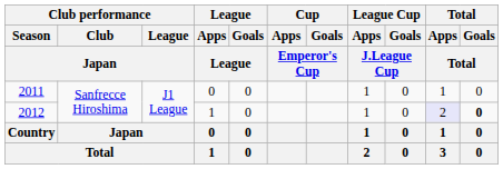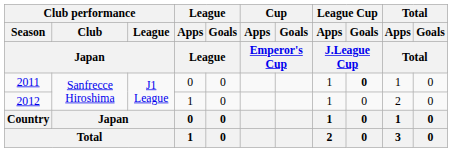 <table class="wikitable" style="text-align:center;">
 <tr>
 <th colspan=3>Club performance</th>
 <th colspan=2>League</th>
 <th colspan=2>Cup</th>
 <th colspan=2>League Cup</th>
 <th colspan=2>Total</th>
 </tr>
 <tr>
 <th>Season</th>
 <th>Club</th>
 <th>League</th>
 <th>Apps</th>
 <th>Goals</th>
 <th>Apps</th>
 <th>Goals</th>
 <th>Apps</th>
 <th>Goals</th>
 <th>Apps</th>
 <th>Goals</th>
 </tr>
 <tr>
 <th colspan=3>Japan</th>
 <th colspan=2>League</th>
 <th colspan=2><a href='#'>Emperor's Cup</a></th>
 <th colspan=2><a href='#'>J.League Cup</a></th>
 <th colspan=2>Total</th>
 </tr>
 <tr>
 <td><a href='#'>2011</a></td>
 <td rowspan="2"><a href='#'>Sanfrecce Hiroshima</a></td>
 <td rowspan="2"><a href='#'>J1 League</a></td>
 <td>0</td>
 <td>0</td>
 <td></td>
 <td></td>
 <td>1</td>
-<td>0</td>
+<td><strong>0</strong></td>
 <td>1</td>
 <td>0</td>
 </tr>
 <tr>
 <td><a href='#'>2012</a></td>
 <td>1</td>
 <td>0</td>
 <td></td>
 <td></td>
 <td>1</td>
 <td>0</td>
-<td style="background: lavender;">2</td>
-<td><strong>0</strong></td>
+<td>2</td>
+<td>0</td>
 </tr>
 <tr>
 <th rowspan=1>Country</th>
 <th colspan=2>Japan</th>
 <th>0</th>
 <th>0</th>
 <th></th>
 <th></th>
 <th>1</th>
 <th>0</th>
 <th>1</th>
 <th>0</th>
 </tr>
 <tr>
 <th colspan=3>Total</th>
 <th>1</th>
 <th>0</th>
 <th></th>
 <th></th>
 <th>2</th>
 <th>0</th>
 <th>3</th>
 <th>0</th>
 </tr>
 </table>
